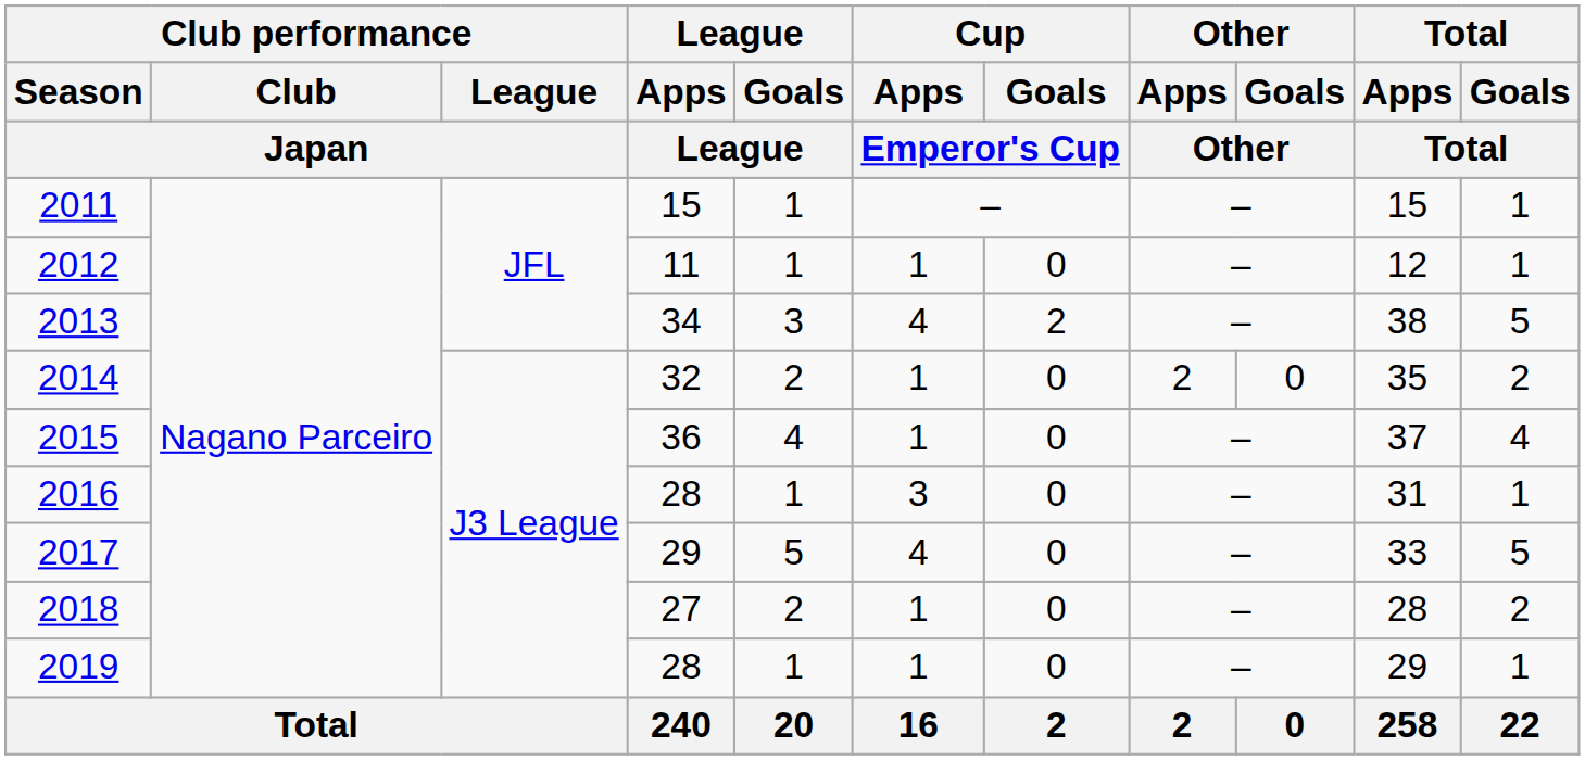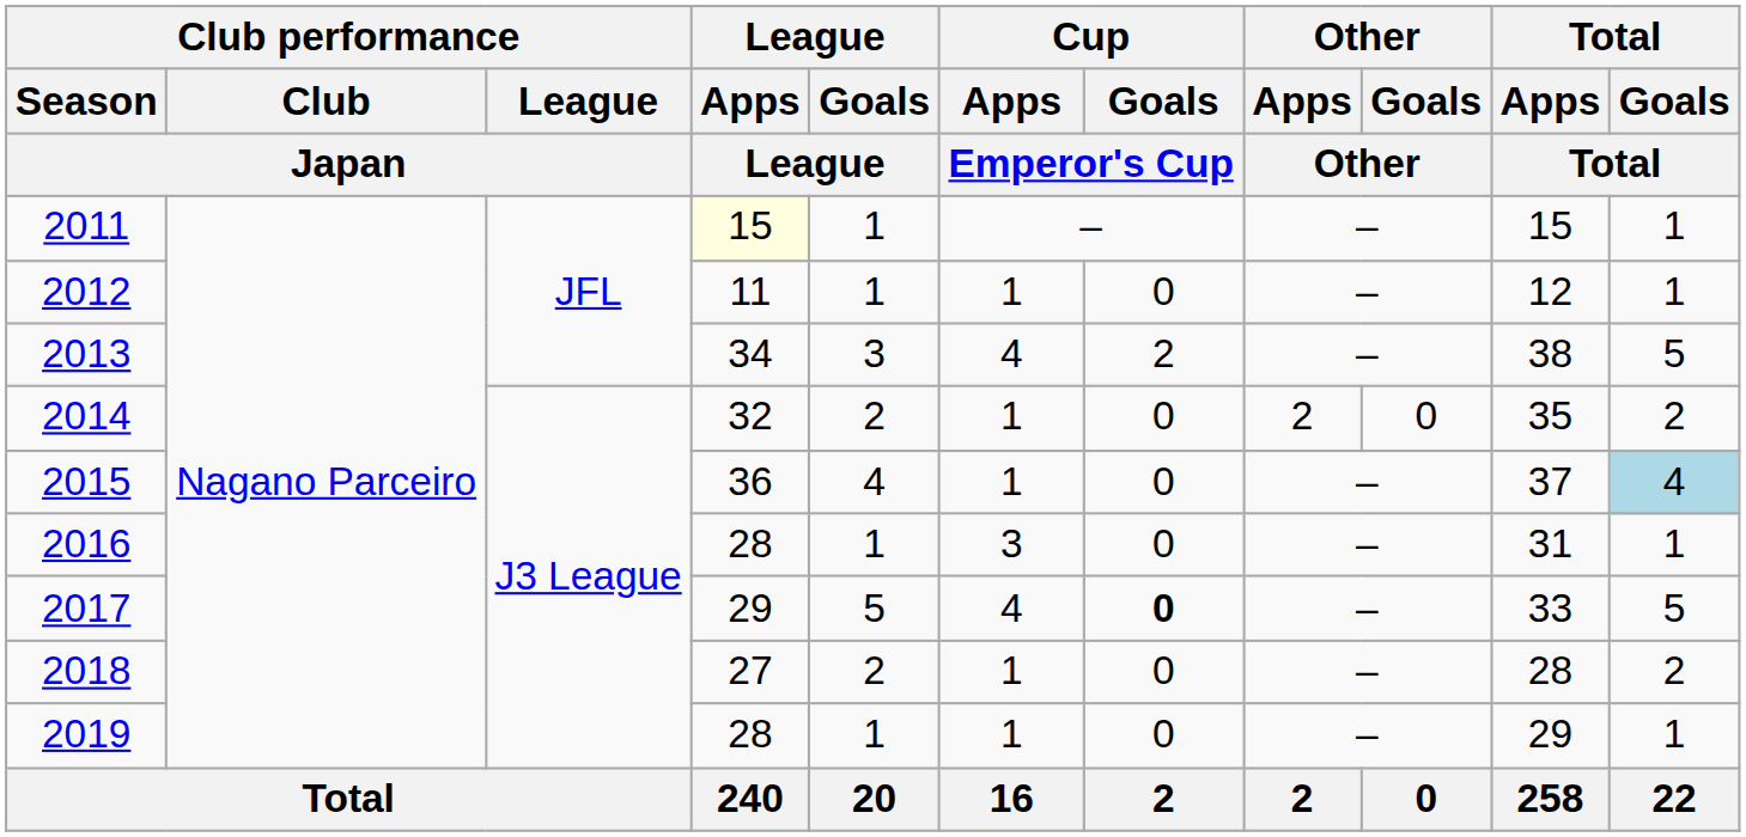 <table class="wikitable" style="text-align:center;">
 <tr>
 <th colspan=3>Club performance</th>
 <th colspan=2>League</th>
 <th colspan=2>Cup</th>
 <th colspan=2>Other</th>
 <th colspan=2>Total</th>
 </tr>
 <tr>
 <th>Season</th>
 <th>Club</th>
 <th>League</th>
 <th>Apps</th>
 <th>Goals</th>
 <th>Apps</th>
 <th>Goals</th>
 <th>Apps</th>
 <th>Goals</th>
 <th>Apps</th>
 <th>Goals</th>
 </tr>
 <tr>
 <th colspan=3>Japan</th>
 <th colspan=2>League</th>
 <th colspan=2><a href='#'>Emperor's Cup</a></th>
 <th colspan=2>Other</th>
 <th colspan=2>Total</th>
 </tr>
 <tr>
 <td><a href='#'>2011</a></td>
 <td rowspan="9"><a href='#'>Nagano Parceiro</a></td>
 <td rowspan=3><a href='#'>JFL</a></td>
-<td>15</td>
+<td style="background: lightyellow;">15</td>
 <td>1</td>
 <td colspan="2">–</td>
 <td colspan="2">–</td>
 <td>15</td>
 <td>1</td>
 </tr>
 <tr>
 <td><a href='#'>2012</a></td>
 <td>11</td>
 <td>1</td>
 <td>1</td>
 <td>0</td>
 <td colspan="2">–</td>
 <td>12</td>
 <td>1</td>
 </tr>
 <tr>
 <td><a href='#'>2013</a></td>
 <td>34</td>
 <td>3</td>
 <td>4</td>
 <td>2</td>
 <td colspan="2">–</td>
 <td>38</td>
 <td>5</td>
 </tr>
 <tr>
 <td><a href='#'>2014</a></td>
 <td rowspan="6"><a href='#'>J3 League</a></td>
 <td>32</td>
 <td>2</td>
 <td>1</td>
 <td>0</td>
 <td>2</td>
 <td>0</td>
 <td>35</td>
 <td>2</td>
 </tr>
 <tr>
 <td><a href='#'>2015</a></td>
 <td>36</td>
 <td>4</td>
 <td>1</td>
 <td>0</td>
 <td colspan="2">–</td>
 <td>37</td>
-<td>4</td>
+<td style="background: lightblue;">4</td>
 </tr>
 <tr>
 <td><a href='#'>2016</a></td>
 <td>28</td>
 <td>1</td>
 <td>3</td>
 <td>0</td>
 <td colspan="2">–</td>
 <td>31</td>
 <td>1</td>
 </tr>
 <tr>
 <td><a href='#'>2017</a></td>
 <td>29</td>
 <td>5</td>
 <td>4</td>
-<td>0</td>
+<td><strong>0</strong></td>
 <td colspan="2">–</td>
 <td>33</td>
 <td>5</td>
 </tr>
 <tr>
 <td><a href='#'>2018</a></td>
 <td>27</td>
 <td>2</td>
 <td>1</td>
 <td>0</td>
 <td colspan="2">–</td>
 <td>28</td>
 <td>2</td>
 </tr>
 <tr>
 <td><a href='#'>2019</a></td>
 <td>28</td>
 <td>1</td>
 <td>1</td>
 <td>0</td>
 <td colspan="2">–</td>
 <td>29</td>
 <td>1</td>
 </tr>
 <tr>
 <th colspan=3>Total</th>
 <th>240</th>
 <th>20</th>
 <th>16</th>
 <th>2</th>
 <th>2</th>
 <th>0</th>
 <th>258</th>
 <th>22</th>
 </tr>
 </table>
